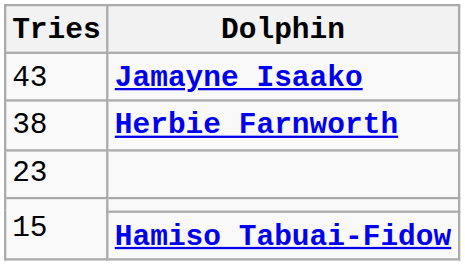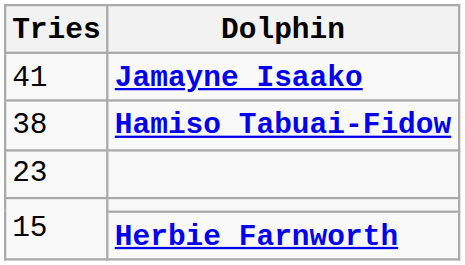 <table class="wikitable">
 <tr>
 <th>Tries</th>
 <th>Dolphin</th>
 </tr>
 <tr>
-<td>43</td>
+<td>41</td>
 <td><strong><a href='#'>Jamayne Isaako</a></strong></td>
 </tr>
 <tr>
 <td>38</td>
-<td><strong><a href='#'>Herbie Farnworth</a></strong></td>
+<td><strong><a href='#'>Hamiso Tabuai-Fidow</a></strong></td>
 </tr>
 <tr>
 <td>23</td>
 <td><strong></strong></td>
 </tr>
 <tr>
 <td rowspan="2">15</td>
 <td><strong></strong></td>
 </tr>
 <tr>
-<td><strong><a href='#'>Hamiso Tabuai-Fidow</a></strong></td>
+<td><strong><a href='#'>Herbie Farnworth</a></strong></td>
 </tr>
 </table>
